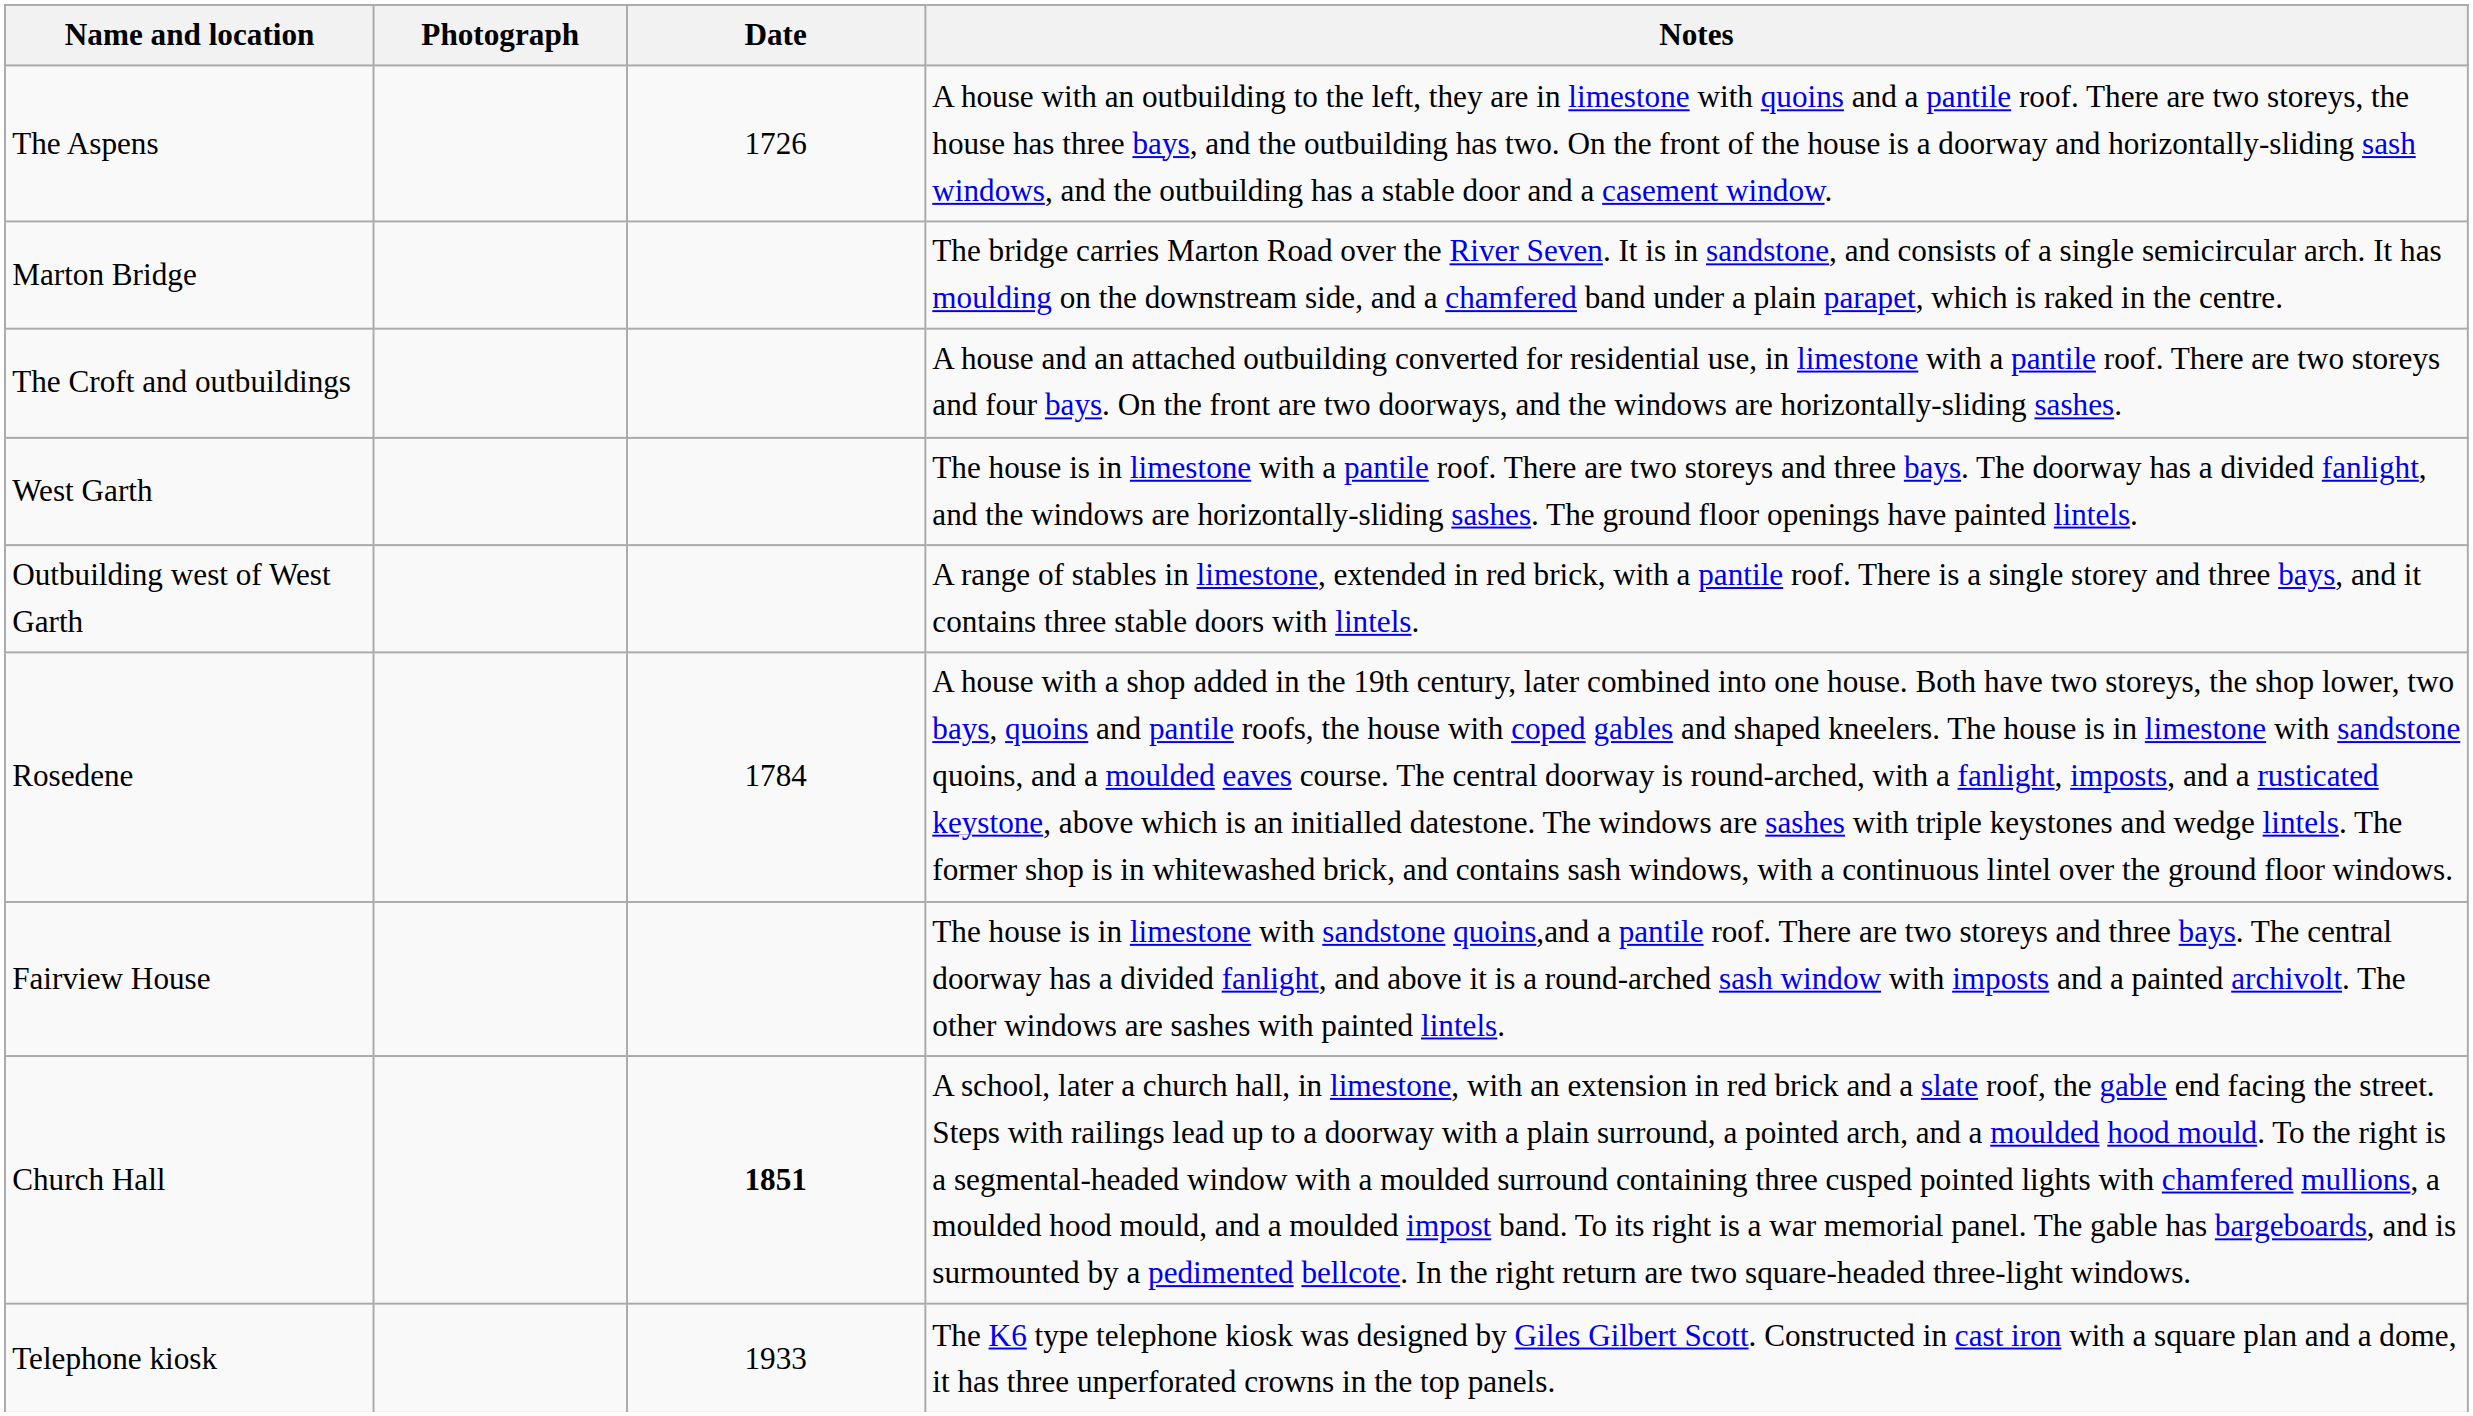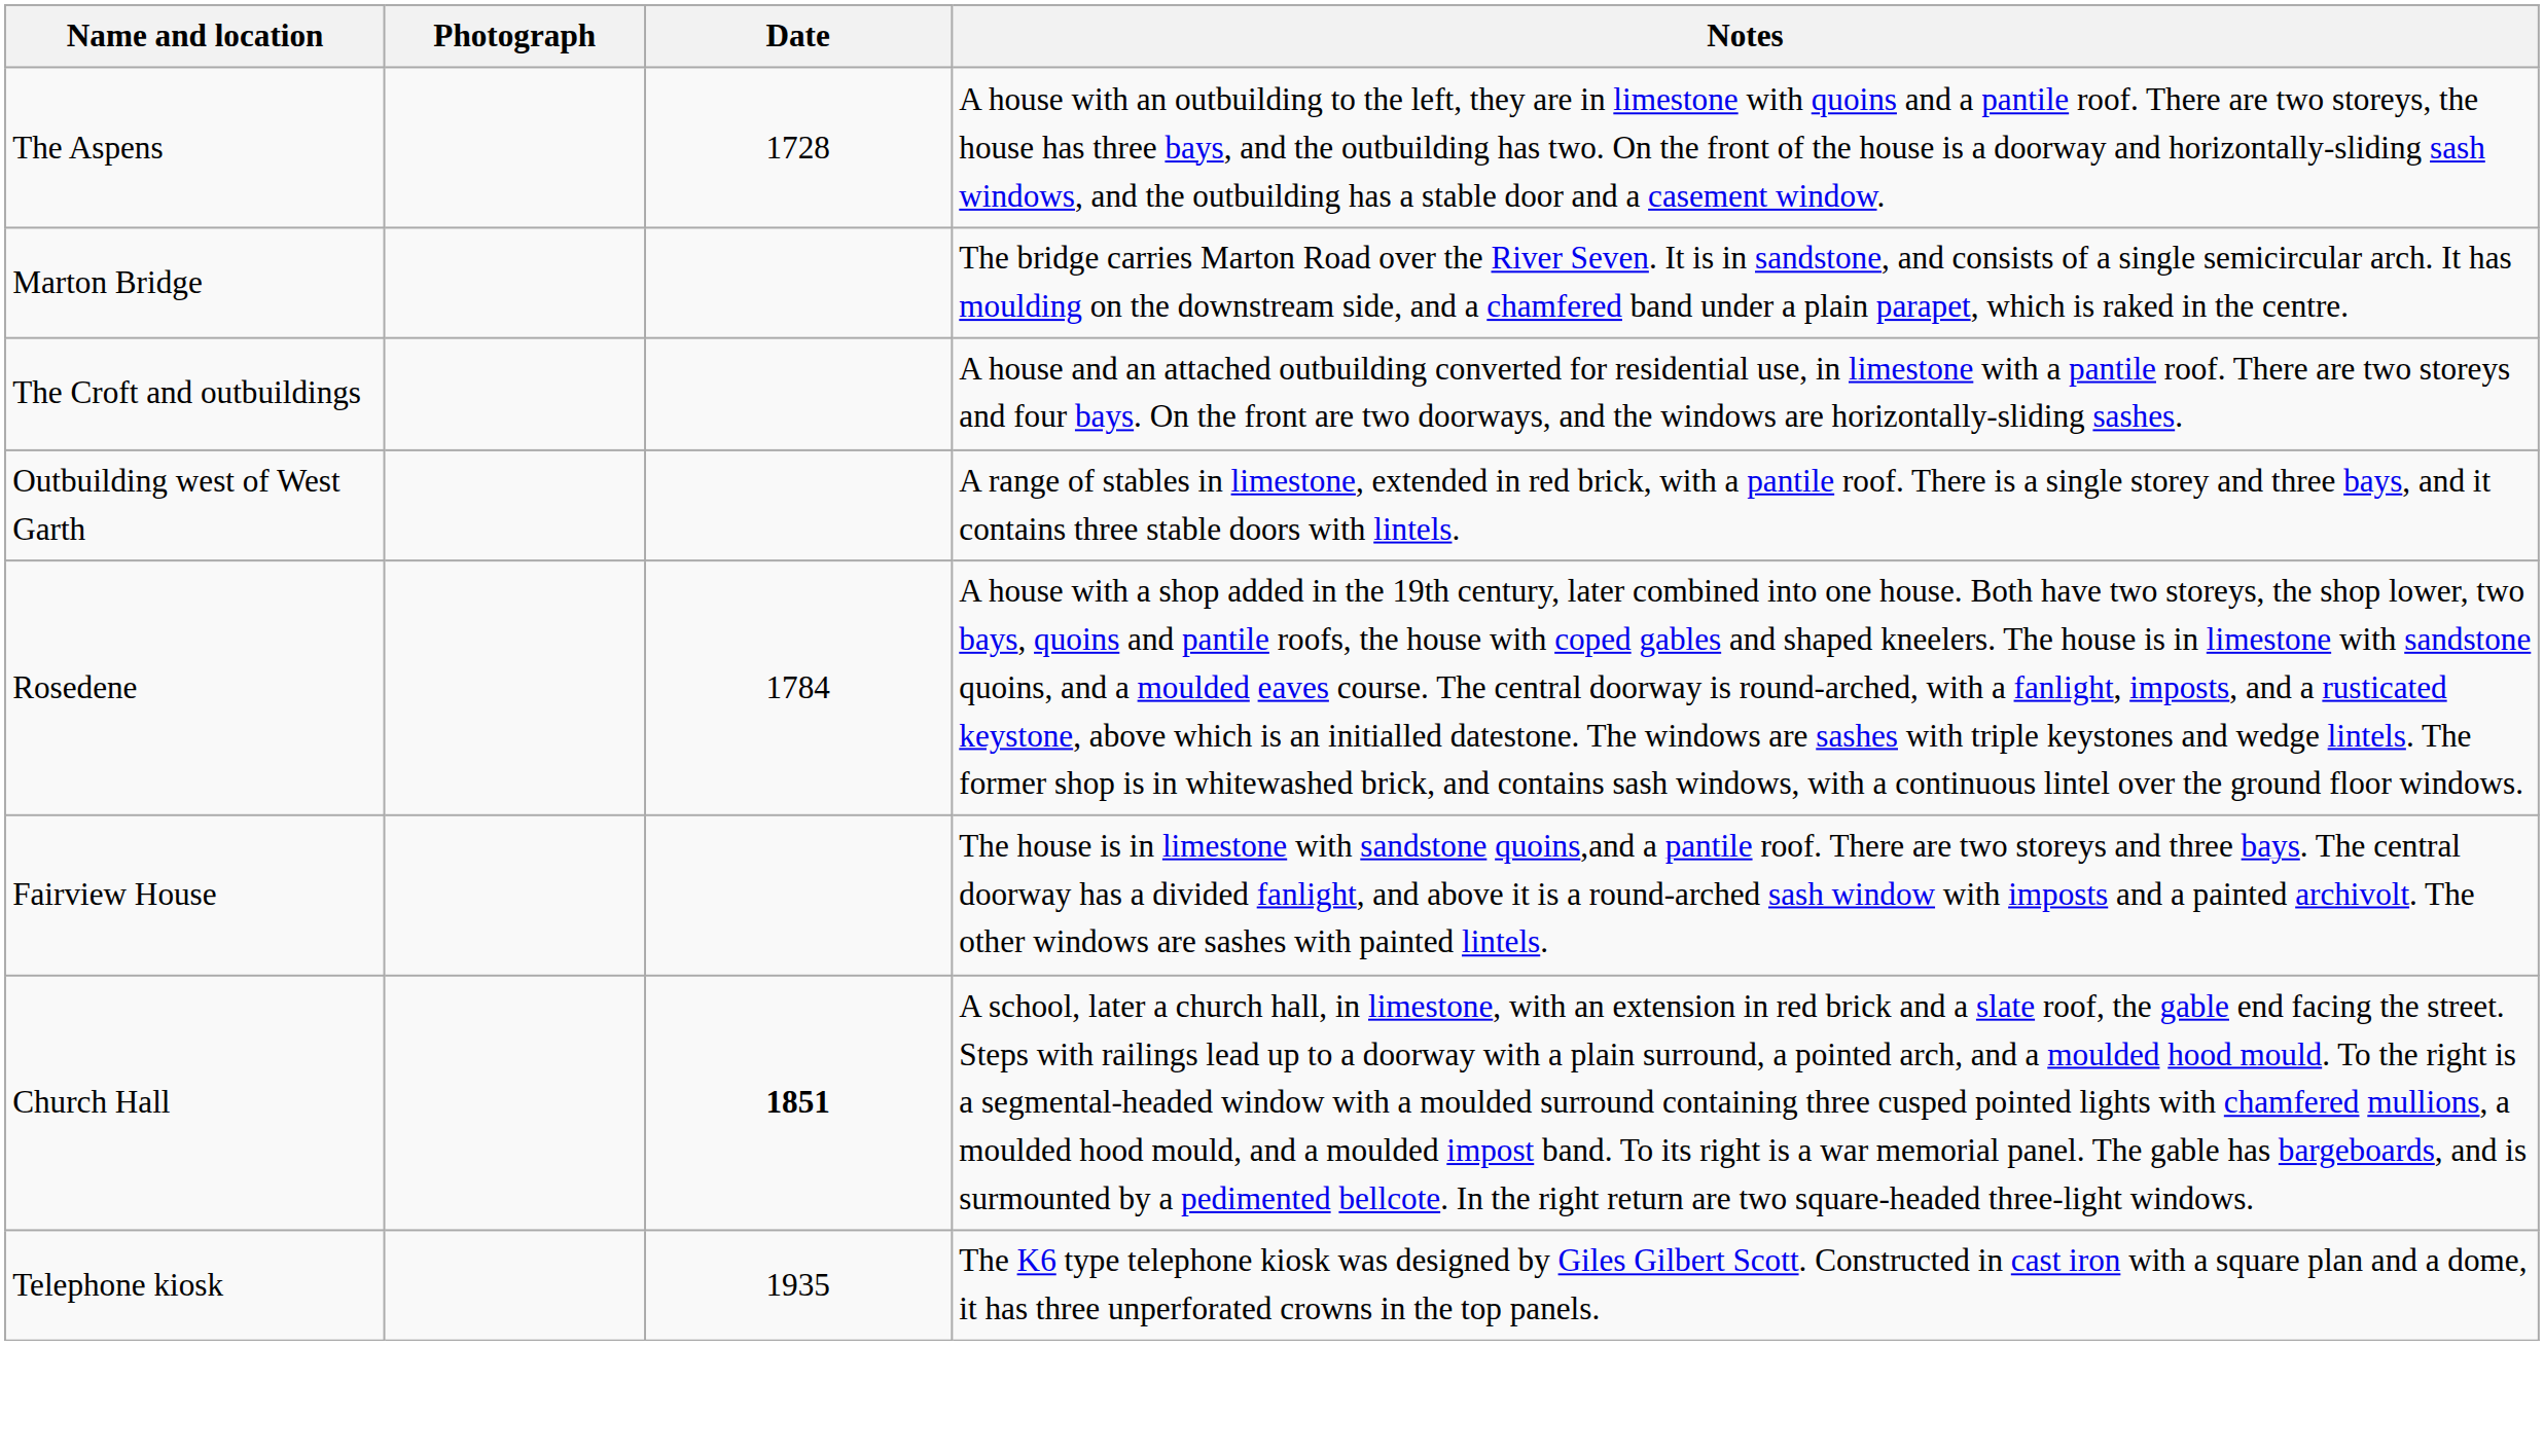 <table class="wikitable sortable plainrowheaders" style="width:100%;border:0px;text-align:left;line-height:150%;">
 <tr>
 <th scope="col"  style="width:150px">Name and location</th>
 <th scope="col"  style="width:100px" class="unsortable">Photograph</th>
 <th scope="col"  style="width:120px">Date</th>
 <th scope="col"  style="width:650px" class="unsortable">Notes</th>
 </tr>
 <tr>
 <td>The Aspens<br><small></small></td>
 <td></td>
-<td align="center">1726</td>
+<td align="center">1728</td>
 <td>A house with an outbuilding to the left, they are in <a href='#'>limestone</a> with <a href='#'>quoins</a> and a <a href='#'>pantile</a> roof. There are two storeys, the house has three <a href='#'>bays</a>, and the outbuilding has two. On the front of the house is a doorway and horizontally-sliding <a href='#'>sash windows</a>, and the outbuilding has a stable door and a <a href='#'>casement window</a>.</td>
 </tr>
 <tr>
 <td>Marton Bridge<br><small></small></td>
 <td></td>
 <td align="center"></td>
 <td>The bridge carries Marton Road over the <a href='#'>River Seven</a>. It is in <a href='#'>sandstone</a>, and consists of a single semicircular arch. It has <a href='#'>moulding</a> on the downstream side, and a <a href='#'>chamfered</a> band under a plain <a href='#'>parapet</a>, which is raked in the centre.</td>
 </tr>
 <tr>
 <td>The Croft and outbuildings<br><small></small></td>
 <td></td>
 <td align="center"></td>
 <td>A house and an attached outbuilding converted for residential use, in <a href='#'>limestone</a> with a <a href='#'>pantile</a> roof. There are two storeys and four <a href='#'>bays</a>. On the front are two doorways, and the windows are horizontally-sliding <a href='#'>sashes</a>.</td>
-</tr>
-<tr>
-<td>West Garth<br><small></small></td>
-<td></td>
-<td align="center"></td>
-<td>The house is in <a href='#'>limestone</a> with a <a href='#'>pantile</a> roof. There are two storeys and three <a href='#'>bays</a>. The doorway has a divided <a href='#'>fanlight</a>, and the windows are horizontally-sliding <a href='#'>sashes</a>. The ground floor openings have painted <a href='#'>lintels</a>.</td>
 </tr>
 <tr>
 <td>Outbuilding west of West Garth<br><small></small></td>
 <td></td>
 <td align="center"></td>
 <td>A range of stables in <a href='#'>limestone</a>, extended in red brick, with a <a href='#'>pantile</a> roof. There is a single storey and three <a href='#'>bays</a>, and it contains three stable doors with <a href='#'>lintels</a>.</td>
 </tr>
 <tr>
 <td>Rosedene<br><small></small></td>
 <td></td>
 <td align="center">1784</td>
 <td>A house with a shop added in the 19th century, later combined into one house. Both have two storeys, the shop lower, two <a href='#'>bays</a>, <a href='#'>quoins</a> and <a href='#'>pantile</a> roofs, the house with <a href='#'>coped</a> <a href='#'>gables</a> and shaped kneelers. The house is in <a href='#'>limestone</a> with <a href='#'>sandstone</a> quoins, and a <a href='#'>moulded</a> <a href='#'>eaves</a> course. The central doorway is round-arched, with a <a href='#'>fanlight</a>, <a href='#'>imposts</a>, and a <a href='#'>rusticated</a> <a href='#'>keystone</a>, above which is an initialled datestone. The windows are <a href='#'>sashes</a> with triple keystones and wedge <a href='#'>lintels</a>. The former shop is in whitewashed brick, and contains sash windows, with a continuous lintel over the ground floor windows.</td>
 </tr>
 <tr>
 <td>Fairview House<br><small></small></td>
 <td></td>
 <td align="center"></td>
 <td>The house is in <a href='#'>limestone</a> with <a href='#'>sandstone</a> <a href='#'>quoins</a>,and a <a href='#'>pantile</a> roof. There are two storeys and three <a href='#'>bays</a>. The central doorway has a divided <a href='#'>fanlight</a>, and above it is a round-arched <a href='#'>sash window</a> with <a href='#'>imposts</a> and a painted <a href='#'>archivolt</a>. The other windows are sashes with painted <a href='#'>lintels</a>.</td>
 </tr>
 <tr>
 <td>Church Hall<br><small></small></td>
 <td></td>
 <td align="center"><strong>1851</strong></td>
 <td>A school, later a church hall, in <a href='#'>limestone</a>, with an extension in red brick and a <a href='#'>slate</a> roof, the <a href='#'>gable</a> end facing the street. Steps with railings lead up to a doorway with a plain surround, a pointed arch, and a <a href='#'>moulded</a> <a href='#'>hood mould</a>. To the right is a segmental-headed window with a moulded surround containing three cusped pointed lights with <a href='#'>chamfered</a> <a href='#'>mullions</a>, a moulded hood mould, and a moulded <a href='#'>impost</a> band. To its right is a war memorial panel. The gable has <a href='#'>bargeboards</a>, and is surmounted by a <a href='#'>pedimented</a> <a href='#'>bellcote</a>. In the right return are two square-headed three-light windows.</td>
 </tr>
 <tr>
 <td>Telephone kiosk<br><small></small></td>
 <td></td>
-<td align="center">1933</td>
+<td align="center">1935</td>
 <td>The <a href='#'>K6</a> type telephone kiosk was designed by <a href='#'>Giles Gilbert Scott</a>. Constructed in <a href='#'>cast iron</a> with a square plan and a dome, it has three unperforated crowns in the top panels.</td>
 </tr>
 <tr>
 </tr>
 </table>
